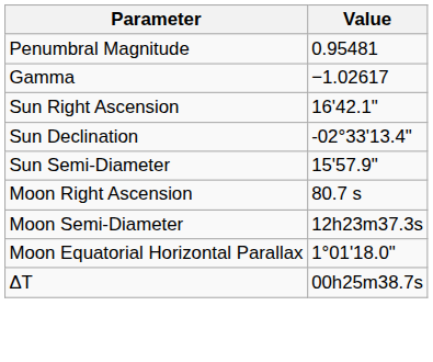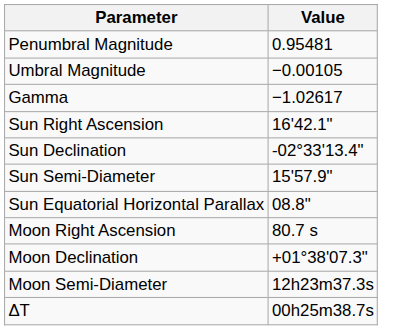 <table class="wikitable">
 <tr>
 <th>Parameter</th>
 <th>Value</th>
 </tr>
 <tr>
 <td>Penumbral Magnitude</td>
 <td>0.95481</td>
+</tr>
+<tr>
+<td>Umbral Magnitude</td>
+<td>−0.00105</td>
 </tr>
 <tr>
 <td>Gamma</td>
 <td>−1.02617</td>
 </tr>
 <tr>
 <td>Sun Right Ascension</td>
 <td>16'42.1"</td>
 </tr>
 <tr>
 <td>Sun Declination</td>
 <td>-02°33'13.4"</td>
 </tr>
 <tr>
 <td>Sun Semi-Diameter</td>
 <td>15'57.9"</td>
 </tr>
 <tr>
+<td>Sun Equatorial Horizontal Parallax</td>
+<td>08.8"</td>
+</tr>
+<tr>
 <td>Moon Right Ascension</td>
 <td>80.7 s</td>
+</tr>
+<tr>
+<td>Moon Declination</td>
+<td>+01°38'07.3"</td>
 </tr>
 <tr>
 <td>Moon Semi-Diameter</td>
 <td>12h23m37.3s</td>
 </tr>
 <tr>
-<td>Moon Equatorial Horizontal Parallax</td>
-<td>1°01'18.0"</td>
-</tr>
-<tr>
 <td>ΔT</td>
 <td>00h25m38.7s</td>
 </tr>
 </table>
